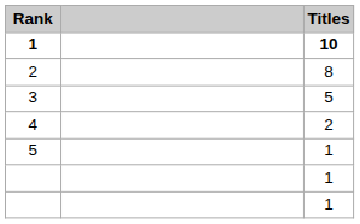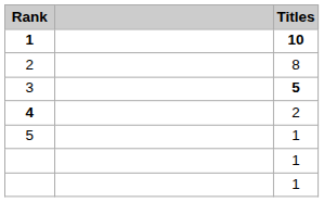 <table class="wikitable plainrowheaders" style="background:#fff; font-size:86%; line-height:16px; border:grey solid 1px; border-collapse:collapse;">
 <tr style="background:#ccc; text-align:center;">
 <th style="background:#ccc;" width="40">Rank</th>
 <th style="background:#ccc;" width="200"></th>
 <th style="background:#ccc;" width="35">Titles</th>
 </tr>
 <tr style="text-align:center">
 <td><strong>1</strong></td>
 <td style="text-align:left"><strong></strong></td>
 <td><strong>10</strong></td>
 </tr>
 <tr style="text-align:center">
 <td>2</td>
 <td style="text-align:left"></td>
 <td>8</td>
 </tr>
 <tr style="text-align:center">
 <td>3</td>
 <td style="text-align:left"></td>
-<td>5</td>
+<td><strong>5</strong></td>
 </tr>
 <tr style="text-align:center">
-<td>4</td>
+<td><strong>4</strong></td>
 <td style="text-align:left"></td>
 <td>2</td>
 </tr>
 <tr style="text-align:center">
 <td>5</td>
 <td style="text-align:left"></td>
 <td>1</td>
 </tr>
 <tr style="text-align:center">
 <td></td>
 <td style="text-align:left"></td>
 <td>1</td>
 </tr>
 <tr style="text-align:center">
 <td></td>
 <td style="text-align:left"></td>
 <td>1</td>
 </tr>
 </table>
